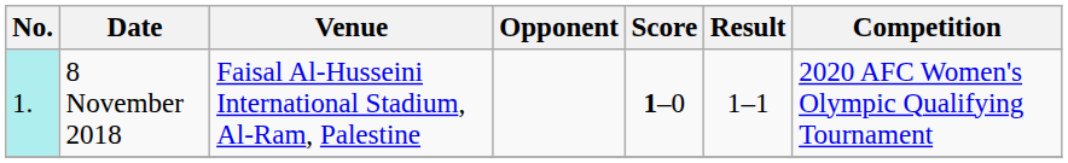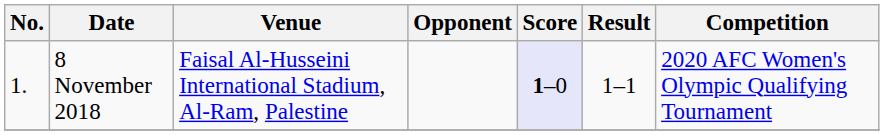 <table class="wikitable">
 <tr>
 <th>No.</th>
 <th>Date</th>
 <th>Venue</th>
 <th>Opponent</th>
 <th>Score</th>
 <th>Result</th>
 <th>Competition</th>
 </tr>
 <tr>
-<td style="background: paleturquoise;">1.</td>
+<td>1.</td>
 <td>8 November 2018</td>
 <td><a href='#'>Faisal Al-Husseini International Stadium</a>, <a href='#'>Al-Ram</a>, <a href='#'>Palestine</a></td>
 <td></td>
-<td align=center><strong>1</strong>–0</td>
+<td align=center style="background: lavender;"><strong>1</strong>–0</td>
 <td align=center>1–1</td>
 <td><a href='#'>2020 AFC Women's Olympic Qualifying Tournament</a></td>
 </tr>
 <tr>
 </tr>
 </table>
